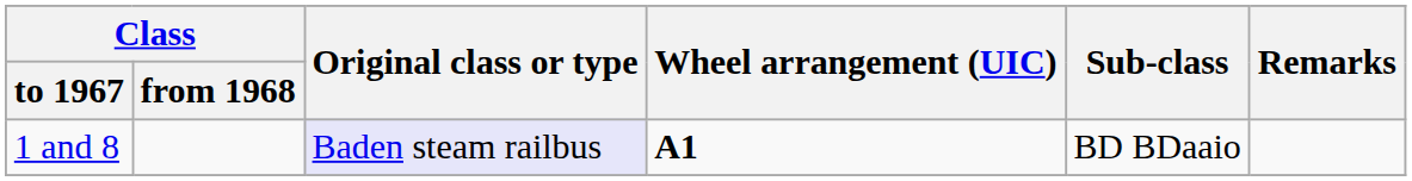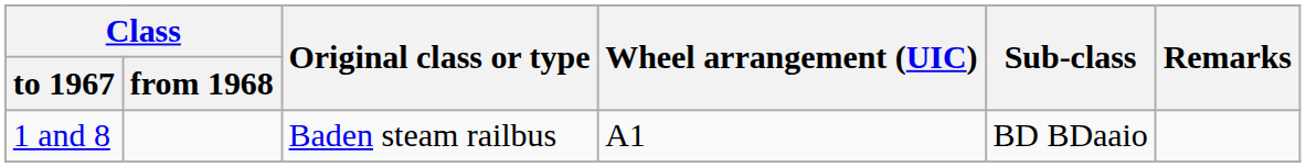 <table class="wikitable">
 <tr>
 <th colspan="2"><a href='#'>Class</a></th>
 <th rowspan="2">Original class or type</th>
 <th rowspan="2">Wheel arrangement (<a href='#'>UIC</a>)</th>
 <th rowspan="2">Sub-class</th>
 <th rowspan="2">Remarks</th>
 </tr>
 <tr>
 <th>to 1967</th>
 <th>from 1968</th>
 </tr>
 <tr ---->
 <td><a href='#'>1 and 8</a></td>
 <td></td>
-<td style="background: lavender;"><a href='#'>Baden</a> steam railbus</td>
-<td><strong>A1</strong></td>
+<td><a href='#'>Baden</a> steam railbus</td>
+<td>A1</td>
 <td>BD BDaaio</td>
 <td></td>
 </tr>
 </table>
